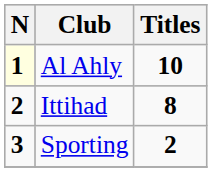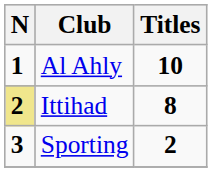 <table class="wikitable centre">
 <tr>
 <th>N</th>
 <th>Club</th>
 <th>Titles</th>
 </tr>
 <tr>
-<td style="background: lightyellow;"><strong>1</strong></td>
+<td><strong>1</strong></td>
 <td><a href='#'>Al Ahly</a></td>
 <td align=center><strong>10</strong></td>
 </tr>
 <tr>
-<td><strong>2</strong></td>
+<td style="background: khaki;"><strong>2</strong></td>
 <td><a href='#'>Ittihad</a></td>
 <td align=center><strong>8</strong></td>
 </tr>
 <tr>
 <td><strong>3</strong></td>
 <td><a href='#'>Sporting</a></td>
 <td align=center><strong>2</strong></td>
 </tr>
 <tr>
 </tr>
 </table>
